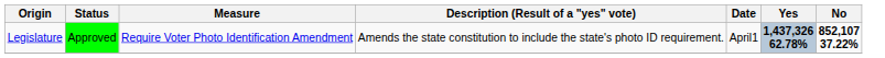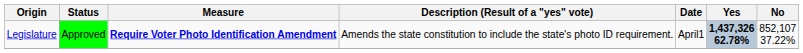 <table class="wikitable">
 <tr>
 <th>Origin</th>
 <th>Status</th>
 <th>Measure</th>
 <th>Description (Result of a "yes" vote)</th>
 <th>Date</th>
 <th>Yes</th>
 <th>No</th>
 </tr>
 <tr>
 <td><a href='#'>Legislature</a></td>
 <td style="background-color:#00ff00;">Approved</td>
-<td><a href='#'>Require Voter Photo Identification Amendment</a></td>
+<td><strong><a href='#'>Require Voter Photo Identification Amendment</a></strong></td>
 <td>Amends the state constitution to include the state's photo ID requirement.</td>
 <td>April1</td>
 <td style="text-align:center; background-color:#B6C8D9"><strong>1,437,326<br>62.78%</strong></td>
-<td style="text-align:center;"><strong>852,107<br>37.22%</strong></td>
+<td style="text-align:center;">852,107<br>37.22%</td>
 </tr>
 <tr>
 </tr>
 </table>
